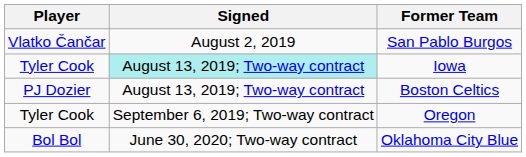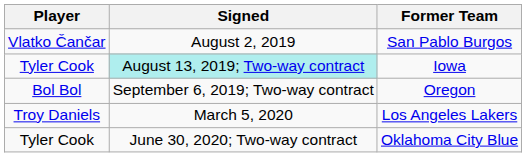 <table class="wikitable sortable sortable">
 <tr>
 <th>Player</th>
 <th>Signed</th>
 <th>Former Team</th>
 </tr>
 <tr style="text-align: center">
 <td><a href='#'>Vlatko Čančar</a></td>
 <td>August 2, 2019</td>
 <td> <a href='#'>San Pablo Burgos</a></td>
 </tr>
 <tr style="text-align: center">
 <td><a href='#'>Tyler Cook</a></td>
 <td style="background: paleturquoise;">August 13, 2019; <a href='#'>Two-way contract</a></td>
 <td><a href='#'>Iowa</a></td>
 </tr>
 <tr style="text-align: center">
-<td><a href='#'>PJ Dozier</a></td>
-<td>August 13, 2019; <a href='#'>Two-way contract</a></td>
-<td><a href='#'>Boston Celtics</a></td>
-</tr>
-<tr style="text-align: center">
-<td>Tyler Cook</td>
+<td><a href='#'>Bol Bol</a></td>
 <td>September 6, 2019; Two-way contract</td>
 <td><a href='#'>Oregon</a></td>
 </tr>
 <tr style="text-align: center">
-<td><a href='#'>Bol Bol</a></td>
+<td><a href='#'>Troy Daniels</a></td>
+<td>March 5, 2020</td>
+<td><a href='#'>Los Angeles Lakers</a></td>
+</tr>
+<tr style="text-align: center">
+<td>Tyler Cook</td>
 <td>June 30, 2020; Two-way contract</td>
 <td><a href='#'>Oklahoma City Blue</a></td>
 </tr>
 </table>
